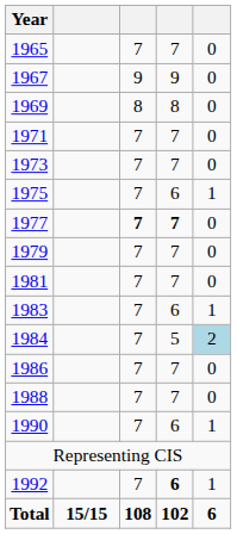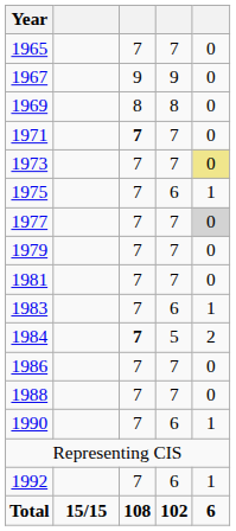 <table class="wikitable" style="text-align: center;">
 <tr>
 <th>Year</th>
 <th width="50"></th>
 <th width=25></th>
 <th width=25></th>
 <th width=25></th>
 </tr>
 <tr>
 <td> <a href='#'>1965</a></td>
 <td></td>
 <td>7</td>
 <td>7</td>
 <td>0</td>
 </tr>
 <tr>
 <td> <a href='#'>1967</a></td>
 <td></td>
 <td>9</td>
 <td>9</td>
 <td>0</td>
 </tr>
 <tr>
 <td> <a href='#'>1969</a></td>
 <td></td>
 <td>8</td>
 <td>8</td>
 <td>0</td>
 </tr>
 <tr>
 <td> <a href='#'>1971</a></td>
 <td></td>
-<td>7</td>
+<td><strong>7</strong></td>
 <td>7</td>
 <td>0</td>
 </tr>
 <tr>
 <td> <a href='#'>1973</a></td>
 <td></td>
 <td>7</td>
 <td>7</td>
-<td>0</td>
+<td style="background: khaki;">0</td>
 </tr>
 <tr>
 <td> <a href='#'>1975</a></td>
 <td></td>
 <td>7</td>
 <td>6</td>
 <td>1</td>
 </tr>
 <tr>
 <td> <a href='#'>1977</a></td>
 <td></td>
-<td><strong>7</strong></td>
-<td><strong>7</strong></td>
-<td>0</td>
+<td>7</td>
+<td>7</td>
+<td style="background: lightgrey;">0</td>
 </tr>
 <tr>
 <td> <a href='#'>1979</a></td>
 <td></td>
 <td>7</td>
 <td>7</td>
 <td>0</td>
 </tr>
 <tr>
 <td> <a href='#'>1981</a></td>
 <td></td>
 <td>7</td>
 <td>7</td>
 <td>0</td>
 </tr>
 <tr>
 <td> <a href='#'>1983</a></td>
 <td></td>
 <td>7</td>
 <td>6</td>
 <td>1</td>
 </tr>
 <tr>
 <td> <a href='#'>1984</a></td>
 <td></td>
-<td>7</td>
+<td><strong>7</strong></td>
 <td>5</td>
-<td style="background: lightblue;">2</td>
+<td>2</td>
 </tr>
 <tr>
 <td> <a href='#'>1986</a></td>
 <td></td>
 <td>7</td>
 <td>7</td>
 <td>0</td>
 </tr>
 <tr>
 <td> <a href='#'>1988</a></td>
 <td></td>
 <td>7</td>
 <td>7</td>
 <td>0</td>
 </tr>
 <tr>
 <td> <a href='#'>1990</a></td>
 <td></td>
 <td>7</td>
 <td>6</td>
 <td>1</td>
 </tr>
 <tr>
 <td colspan=5>Representing CIS</td>
 </tr>
 <tr>
 <td> <a href='#'>1992</a></td>
 <td></td>
 <td>7</td>
-<td><strong>6</strong></td>
+<td>6</td>
 <td>1</td>
 </tr>
 <tr>
 <td><strong>Total</strong></td>
 <td><strong>15/15</strong></td>
 <td><strong>108</strong></td>
 <td><strong>102</strong></td>
 <td><strong>6</strong></td>
 </tr>
 </table>
